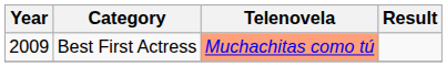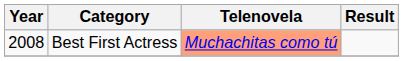 <table class="wikitable">
 <tr style="background:#b0c4de;">
 <th>Year</th>
 <th>Category</th>
 <th>Telenovela</th>
 <th>Result</th>
 </tr>
 <tr>
-<td>2009</td>
+<td>2008</td>
 <td>Best First Actress</td>
 <td style="background: lightsalmon;"><em> <a href='#'>Muchachitas como tú</a></em></td>
 <td></td>
 </tr>
 <tr>
 </tr>
 </table>
